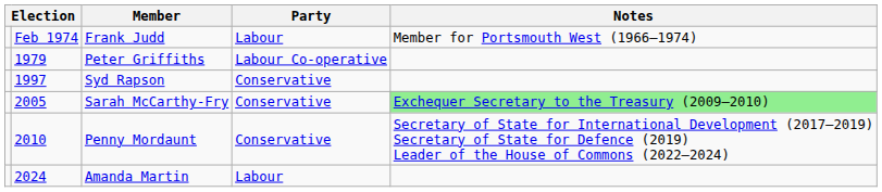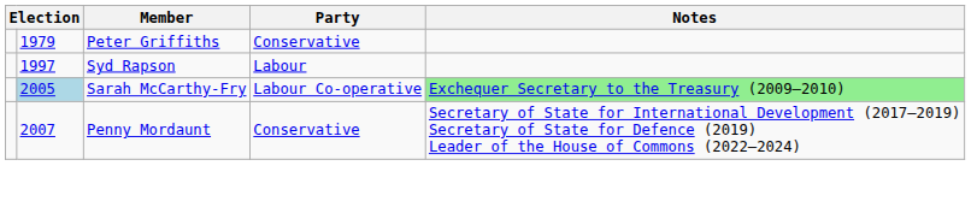 <table class="wikitable">
 <tr>
 <th colspan="2">Election</th>
 <th>Member</th>
 <th>Party</th>
 <th>Notes</th>
 </tr>
 <tr>
 <td style="color:inherit;background-color: "></td>
-<td><a href='#'>Feb 1974</a></td>
-<td><a href='#'>Frank Judd</a></td>
-<td><a href='#'>Labour</a></td>
-<td>Member for <a href='#'>Portsmouth West</a> (1966–1974)</td>
-</tr>
-<tr>
-<td style="color:inherit;background-color: "></td>
 <td><a href='#'>1979</a></td>
 <td><a href='#'>Peter Griffiths</a></td>
-<td><a href='#'>Labour Co-operative</a></td>
+<td><a href='#'>Conservative</a></td>
 <td></td>
 </tr>
 <tr>
 <td style="color:inherit;background-color: "></td>
 <td><a href='#'>1997</a></td>
 <td><a href='#'>Syd Rapson</a></td>
-<td><a href='#'>Conservative</a></td>
+<td><a href='#'>Labour</a></td>
 <td></td>
 </tr>
 <tr>
 <td style="color:inherit;background-color: "></td>
-<td><a href='#'>2005</a></td>
+<td style="background: lightblue;"><a href='#'>2005</a></td>
 <td><a href='#'>Sarah McCarthy-Fry</a></td>
-<td><a href='#'>Conservative</a></td>
+<td><a href='#'>Labour Co-operative</a></td>
 <td style="background: lightgreen;"><a href='#'>Exchequer Secretary to the Treasury</a> (2009–2010)</td>
 </tr>
 <tr>
 <td style="color:inherit;background-color: "></td>
-<td><a href='#'>2010</a></td>
+<td><a href='#'>2007</a></td>
 <td><a href='#'>Penny Mordaunt</a></td>
 <td><a href='#'>Conservative</a></td>
 <td><a href='#'>Secretary of State for International Development</a> (2017–2019)<br><a href='#'>Secretary of State for Defence</a> (2019)<br><a href='#'>Leader of the House of Commons</a> (2022–2024)</td>
 </tr>
-<tr>
-<td style="color:inherit;background-color: "></td>
-<td><a href='#'>2024</a></td>
-<td><a href='#'>Amanda Martin</a></td>
-<td><a href='#'>Labour</a></td>
-<td></td>
-</tr>
 </table>
